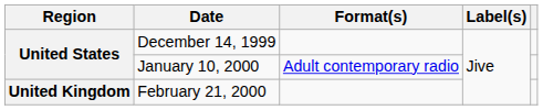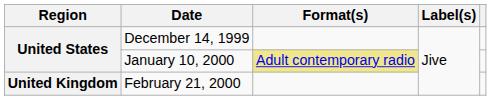 <table class="wikitable plainrowheaders">
 <tr>
 <th scope="col">Region</th>
 <th scope="col">Date</th>
 <th scope="col">Format(s)</th>
 <th scope="col">Label(s)</th>
 <th scope="col"></th>
 </tr>
 <tr>
 <th scope="row" rowspan="2">United States</th>
 <td>December 14, 1999</td>
 <td></td>
 <td rowspan="3">Jive</td>
 <td></td>
 </tr>
 <tr>
 <td>January 10, 2000</td>
-<td><a href='#'>Adult contemporary radio</a></td>
+<td style="background: khaki;"><a href='#'>Adult contemporary radio</a></td>
 <td></td>
 </tr>
 <tr>
 <th scope="row">United Kingdom</th>
 <td>February 21, 2000</td>
 <td></td>
 <td></td>
 </tr>
 </table>
